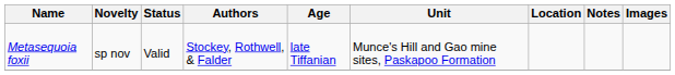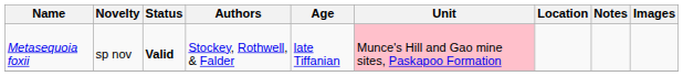 <table class="wikitable sortable" align="center" width="100%">
 <tr>
 <th>Name</th>
 <th>Novelty</th>
 <th>Status</th>
 <th>Authors</th>
 <th>Age</th>
 <th>Unit</th>
 <th>Location</th>
 <th>Notes</th>
 <th>Images</th>
 </tr>
 <tr>
 <td><br><em><a href='#'>Metasequoia foxii</a></em></td>
 <td><br>sp nov</td>
-<td><br>Valid</td>
+<td><strong><br>Valid</strong></td>
 <td><br><a href='#'>Stockey</a>, <a href='#'>Rothwell</a>, & <a href='#'>Falder</a></td>
 <td><br><a href='#'>late Tiffanian</a></td>
-<td><br>Munce's Hill and Gao mine sites, <a href='#'>Paskapoo Formation</a></td>
+<td style="background: pink;"><br>Munce's Hill and Gao mine sites, <a href='#'>Paskapoo Formation</a></td>
 <td><br></td>
 <td></td>
 <td></td>
 </tr>
 <tr>
 </tr>
 </table>
